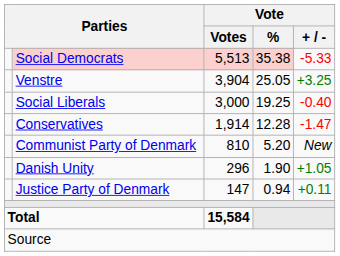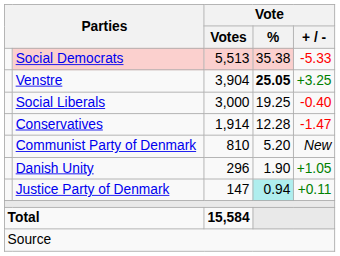 <table class="wikitable" style="text-align:right;">
 <tr>
 <th style="text-align:centre;" rowspan="2" colspan="2" width="225">Parties</th>
 <th colspan="3">Vote</th>
 </tr>
 <tr>
 <th width="15">Votes</th>
 <th width="15">%</th>
 <th width="15">+ / -</th>
 </tr>
 <tr>
 <td width="2" style="color:inherit;background:"></td>
 <td bgcolor=#fbd0ce  align="left"><a href='#'>Social Democrats</a></td>
 <td bgcolor=#fbd0ce>5,513</td>
 <td bgcolor=#fbd0ce>35.38</td>
 <td style=color:red;>-5.33</td>
 </tr>
 <tr>
 <td width="2" style="color:inherit;background:"></td>
 <td align="left"><a href='#'>Venstre</a></td>
 <td>3,904</td>
-<td>25.05</td>
+<td><strong>25.05</strong></td>
 <td style=color:green;>+3.25</td>
 </tr>
 <tr>
 <td width="2" style="color:inherit;background:"></td>
 <td align="left"><a href='#'>Social Liberals</a></td>
 <td>3,000</td>
 <td>19.25</td>
 <td style=color:red;>-0.40</td>
 </tr>
 <tr>
 <td width="2" style="color:inherit;background:"></td>
 <td align="left"><a href='#'>Conservatives</a></td>
 <td>1,914</td>
 <td>12.28</td>
 <td style=color:red;>-1.47</td>
 </tr>
 <tr>
 <td width="2" style="color:inherit;background:"></td>
 <td align="left"><a href='#'>Communist Party of Denmark</a></td>
 <td>810</td>
 <td>5.20</td>
 <td><em>New</em></td>
 </tr>
 <tr>
 <td width="2" style="color:inherit;background:"></td>
 <td align="left"><a href='#'>Danish Unity</a></td>
 <td>296</td>
 <td>1.90</td>
 <td style=color:green;>+1.05</td>
 </tr>
 <tr>
 <td width="2" style="color:inherit;background:"></td>
 <td align="left"><a href='#'>Justice Party of Denmark</a></td>
 <td>147</td>
-<td>0.94</td>
+<td style="background: paleturquoise;">0.94</td>
 <td style=color:green;>+0.11</td>
 </tr>
 <tr>
 <td colspan="7" bgcolor="#E9E9E9"></td>
 </tr>
 <tr>
 <td align="left" colspan="2"><strong>Total</strong></td>
 <td><strong>15,584</strong></td>
 <td bgcolor="#E9E9E9" colspan="2"></td>
 </tr>
 <tr>
 <td align="left" colspan="6">Source</td>
 </tr>
 </table>
